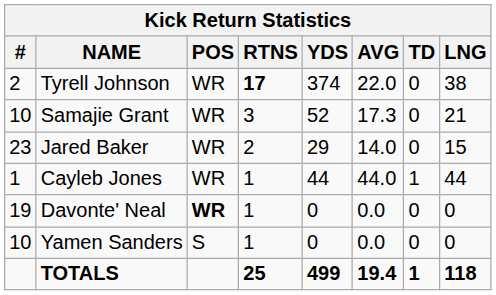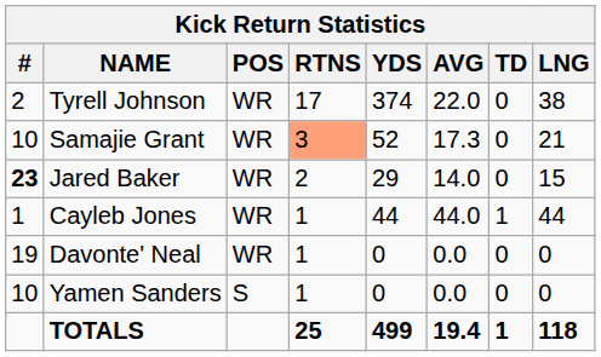 <table class="wikitable sortable collapsible collapsed">
 <tr>
 <th colspan="8">Kick Return Statistics</th>
 </tr>
 <tr>
 <th>#</th>
 <th>NAME</th>
 <th>POS</th>
 <th>RTNS</th>
 <th>YDS</th>
 <th>AVG</th>
 <th>TD</th>
 <th>LNG</th>
 </tr>
 <tr>
 <td>2</td>
 <td>Tyrell Johnson</td>
 <td>WR</td>
-<td><strong>17</strong></td>
+<td>17</td>
 <td>374</td>
 <td>22.0</td>
 <td>0</td>
 <td>38</td>
 </tr>
 <tr>
 <td>10</td>
 <td>Samajie Grant</td>
 <td>WR</td>
-<td>3</td>
+<td style="background: lightsalmon;">3</td>
 <td>52</td>
 <td>17.3</td>
 <td>0</td>
 <td>21</td>
 </tr>
 <tr>
-<td>23</td>
+<td><strong>23</strong></td>
 <td>Jared Baker</td>
 <td>WR</td>
 <td>2</td>
 <td>29</td>
 <td>14.0</td>
 <td>0</td>
 <td>15</td>
 </tr>
 <tr>
 <td>1</td>
 <td>Cayleb Jones</td>
 <td>WR</td>
 <td>1</td>
 <td>44</td>
 <td>44.0</td>
 <td>1</td>
 <td>44</td>
 </tr>
 <tr>
 <td>19</td>
 <td>Davonte' Neal</td>
-<td><strong>WR</strong></td>
+<td>WR</td>
 <td>1</td>
 <td>0</td>
 <td>0.0</td>
 <td>0</td>
 <td>0</td>
 </tr>
 <tr>
 <td>10</td>
 <td>Yamen Sanders</td>
 <td>S</td>
 <td>1</td>
 <td>0</td>
 <td>0.0</td>
 <td>0</td>
 <td>0</td>
 </tr>
 <tr>
 <td></td>
 <td><strong>TOTALS</strong></td>
 <td></td>
 <td><strong>25</strong></td>
 <td><strong>499</strong></td>
 <td><strong>19.4</strong></td>
 <td><strong>1</strong></td>
 <td><strong>118</strong></td>
 </tr>
 </table>
